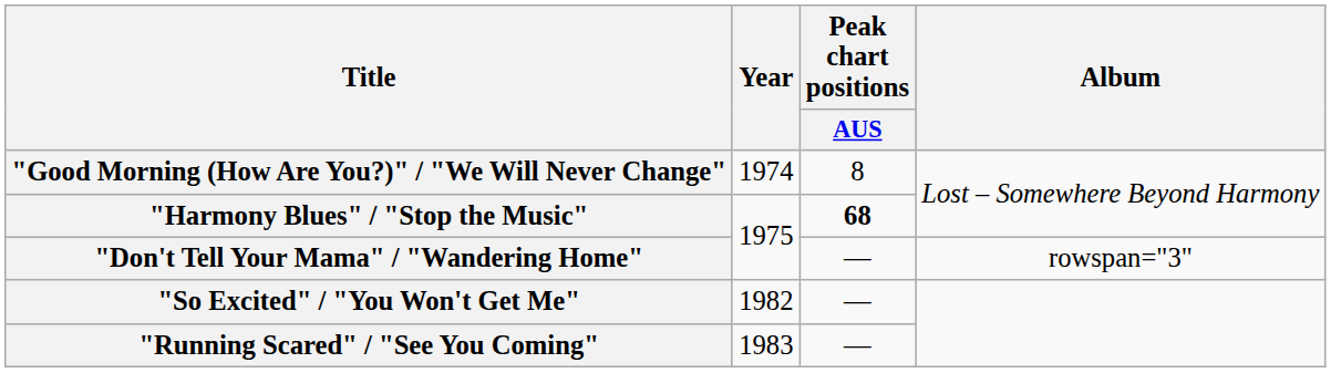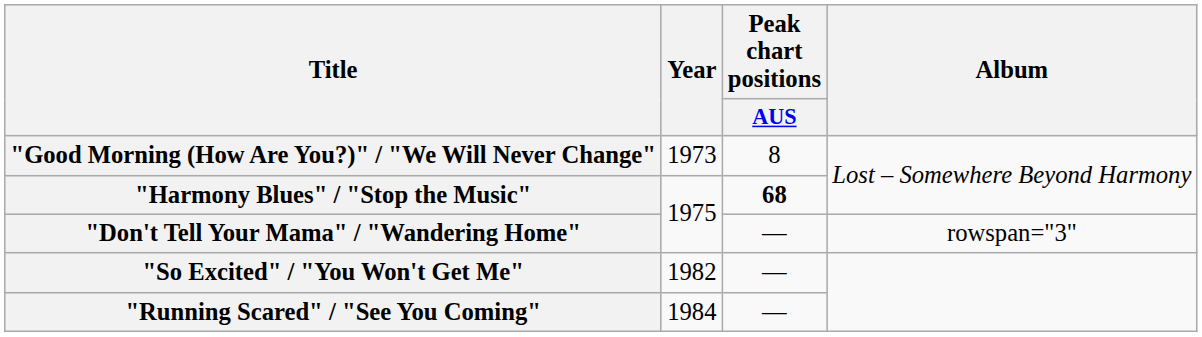 <table class="wikitable plainrowheaders" style="text-align:center">
 <tr>
 <th scope="col" rowspan="2">Title</th>
 <th scope="col" rowspan="2">Year</th>
 <th scope="col" colspan="1">Peak chart positions</th>
 <th scope="col" rowspan="2">Album</th>
 </tr>
 <tr>
 <th scope="col" style="width:3em; font-size:90%"><a href='#'>AUS</a><br></th>
 </tr>
 <tr>
 <th scope="row">"Good Morning (How Are You?)" / "We Will Never Change"</th>
-<td>1974</td>
+<td>1973</td>
 <td>8</td>
 <td rowspan="2"><em>Lost – Somewhere Beyond Harmony</em></td>
 </tr>
 <tr>
 <th scope="row">"Harmony Blues" / "Stop the Music"</th>
 <td rowspan="2">1975</td>
 <td><strong>68</strong></td>
 </tr>
 <tr>
 <th scope="row">"Don't Tell Your Mama" / "Wandering Home"</th>
 <td>—</td>
 <td>rowspan="3" </td>
 </tr>
 <tr>
 <th scope="row">"So Excited" / "You Won't Get Me"</th>
 <td>1982</td>
 <td>—</td>
 </tr>
 <tr>
 <th scope="row">"Running Scared" / "See You Coming"</th>
-<td>1983</td>
+<td>1984</td>
 <td>—</td>
 </tr>
 </table>
